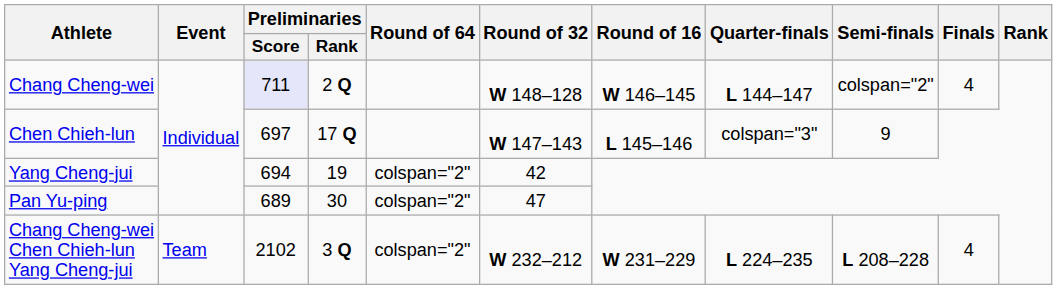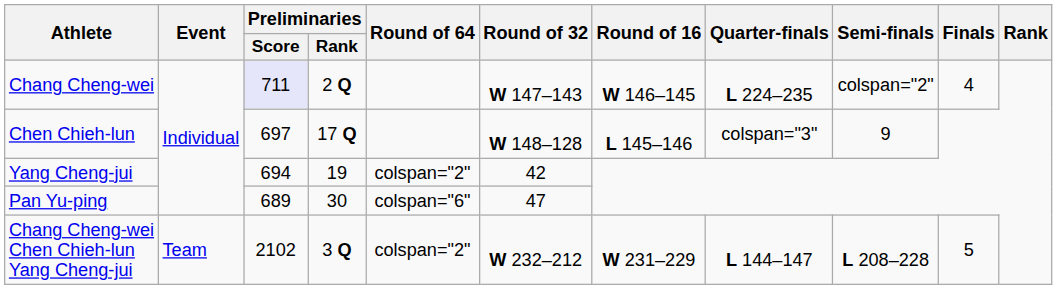 <table class="wikitable" style="font-size:90%; text-align:center">
 <tr>
 <th rowspan="2">Athlete</th>
 <th rowspan="2">Event</th>
 <th colspan="2">Preliminaries</th>
 <th rowspan="2">Round of 64</th>
 <th rowspan="2">Round of 32</th>
 <th rowspan="2">Round of 16</th>
 <th rowspan="2">Quarter-finals</th>
 <th rowspan="2">Semi-finals</th>
 <th rowspan="2">Finals</th>
 <th rowspan="2">Rank</th>
 </tr>
 <tr style="font-size:95%">
 <th>Score</th>
 <th>Rank</th>
 </tr>
 <tr>
 <td align="left"><a href='#'>Chang Cheng-wei</a></td>
 <td align="left" rowspan="4"><a href='#'>Individual</a></td>
 <td style="background: lavender;">711</td>
 <td>2 <strong>Q</strong></td>
 <td></td>
-<td><br><strong>W</strong> 148–128</td>
+<td><br><strong>W</strong> 147–143</td>
 <td><br><strong>W</strong> 146–145</td>
-<td><br><strong>L</strong> 144–147</td>
+<td><br><strong>L</strong> 224–235</td>
 <td>colspan="2" </td>
 <td>4</td>
 </tr>
 <tr>
 <td align="left"><a href='#'>Chen Chieh-lun</a></td>
 <td>697</td>
 <td>17 <strong>Q</strong></td>
 <td></td>
-<td><br><strong>W</strong> 147–143</td>
+<td><br><strong>W</strong> 148–128</td>
 <td><br><strong>L</strong> 145–146</td>
 <td>colspan="3" </td>
 <td>9</td>
 </tr>
 <tr>
 <td align="left"><a href='#'>Yang Cheng-jui</a></td>
 <td>694</td>
 <td>19</td>
 <td>colspan="2" </td>
 <td>42</td>
 </tr>
 <tr>
 <td align="left"><a href='#'>Pan Yu-ping</a></td>
 <td>689</td>
 <td>30</td>
-<td>colspan="2" </td>
+<td>colspan="6" </td>
 <td>47</td>
 </tr>
 <tr>
 <td align="left"><a href='#'>Chang Cheng-wei</a><br><a href='#'>Chen Chieh-lun</a><br><a href='#'>Yang Cheng-jui</a></td>
 <td align="left" rowspan="4"><a href='#'>Team</a></td>
 <td>2102</td>
 <td>3 <strong>Q</strong></td>
 <td>colspan="2" </td>
 <td><br><strong>W</strong> 232–212</td>
 <td><br><strong>W</strong> 231–229</td>
-<td><br><strong>L</strong> 224–235</td>
+<td><br><strong>L</strong> 144–147</td>
 <td><br><strong>L</strong> 208–228</td>
-<td>4</td>
+<td>5</td>
 </tr>
 </table>
